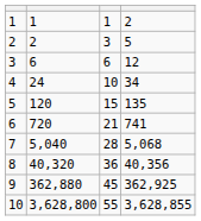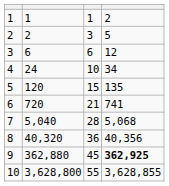 <table class="wikitable">
 <tr>
 <th></th>
 <th></th>
 <th></th>
 <th></th>
 </tr>
 <tr>
 <td>1</td>
 <td>1</td>
 <td>1</td>
 <td>2</td>
 </tr>
 <tr>
 <td>2</td>
 <td>2</td>
 <td>3</td>
 <td>5</td>
 </tr>
 <tr>
 <td>3</td>
 <td>6</td>
 <td>6</td>
 <td>12</td>
 </tr>
 <tr>
 <td>4</td>
 <td>24</td>
 <td>10</td>
 <td>34</td>
 </tr>
 <tr>
 <td>5</td>
 <td>120</td>
 <td>15</td>
 <td>135</td>
 </tr>
 <tr>
 <td>6</td>
 <td>720</td>
 <td>21</td>
 <td>741</td>
 </tr>
 <tr>
 <td>7</td>
 <td>5,040</td>
 <td>28</td>
 <td>5,068</td>
 </tr>
 <tr>
 <td>8</td>
 <td>40,320</td>
 <td>36</td>
 <td>40,356</td>
 </tr>
 <tr>
 <td>9</td>
 <td>362,880</td>
 <td>45</td>
-<td>362,925</td>
+<td><strong>362,925</strong></td>
 </tr>
 <tr>
 <td>10</td>
 <td>3,628,800</td>
 <td>55</td>
 <td>3,628,855</td>
 </tr>
 </table>
